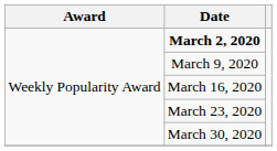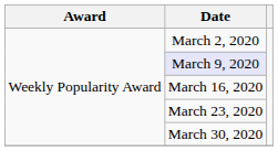 <table class="sortable wikitable" style="text-align:center;">
 <tr>
 <th>Award</th>
 <th>Date</th>
 <th class=unsortable></th>
 </tr>
 <tr>
 <td rowspan="5">Weekly Popularity Award</td>
-<td align="center"><strong>March 2, 2020</strong></td>
+<td align="center">March 2, 2020</td>
 <td rowspan="5"></td>
 </tr>
 <tr>
-<td align="center">March 9, 2020</td>
+<td align="center" style="background: lavender;">March 9, 2020</td>
 </tr>
 <tr>
 <td align="center">March 16, 2020</td>
 </tr>
 <tr>
 <td align="center">March 23, 2020</td>
 </tr>
 <tr>
 <td align="center">March 30, 2020</td>
 </tr>
 <tr>
 </tr>
 </table>
